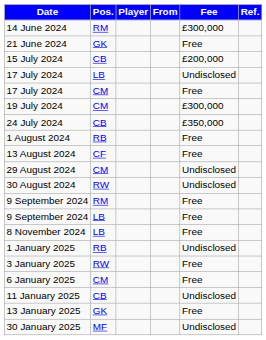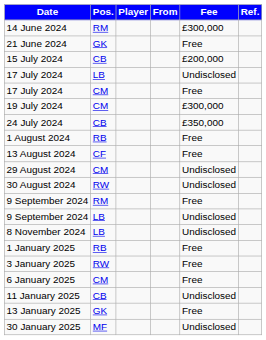 <table class="wikitable plainrowheaders sortable">
 <tr>
 <th style="background:#0000FF; color:#FFFFFF; ">Date</th>
 <th style="background:#0000FF; color:#FFFFFF; ">Pos.</th>
 <th style="background:#0000FF; color:#FFFFFF; ">Player</th>
 <th style="background:#0000FF; color:#FFFFFF; ">From</th>
 <th style="background:#0000FF; color:#FFFFFF; ">Fee</th>
 <th style="background:#0000FF; color:#FFFFFF; ">Ref.</th>
 </tr>
 <tr>
 <td>14 June 2024</td>
 <td><a href='#'>RM</a></td>
 <td></td>
 <td></td>
 <td>£300,000</td>
 <td></td>
 </tr>
 <tr>
 <td>21 June 2024</td>
 <td><a href='#'>GK</a></td>
 <td></td>
 <td></td>
 <td>Free</td>
 <td></td>
 </tr>
 <tr>
 <td>15 July 2024</td>
 <td><a href='#'>CB</a></td>
 <td></td>
 <td></td>
 <td>£200,000</td>
 <td></td>
 </tr>
 <tr>
 <td>17 July 2024</td>
 <td><a href='#'>LB</a></td>
 <td></td>
 <td></td>
 <td>Undisclosed</td>
 <td></td>
 </tr>
 <tr>
 <td>17 July 2024</td>
 <td><a href='#'>CM</a></td>
 <td></td>
 <td></td>
 <td>Free</td>
 <td></td>
 </tr>
 <tr>
 <td>19 July 2024</td>
 <td><a href='#'>CM</a></td>
 <td></td>
 <td></td>
 <td>£300,000</td>
 <td></td>
 </tr>
 <tr>
 <td>24 July 2024</td>
 <td><a href='#'>CB</a></td>
 <td></td>
 <td></td>
 <td>£350,000</td>
 <td></td>
 </tr>
 <tr>
 <td>1 August 2024</td>
 <td><a href='#'>RB</a></td>
 <td></td>
 <td></td>
 <td>Free</td>
 <td></td>
 </tr>
 <tr>
 <td>13 August 2024</td>
 <td><a href='#'>CF</a></td>
 <td></td>
 <td></td>
 <td>Free</td>
 <td></td>
 </tr>
 <tr>
 <td>29 August 2024</td>
 <td><a href='#'>CM</a></td>
 <td></td>
 <td></td>
 <td>Undisclosed</td>
 <td></td>
 </tr>
 <tr>
 <td>30 August 2024</td>
 <td><a href='#'>RW</a></td>
 <td></td>
 <td></td>
 <td>Undisclosed</td>
 <td></td>
 </tr>
 <tr>
 <td>9 September 2024</td>
 <td><a href='#'>RM</a></td>
 <td></td>
 <td></td>
 <td>Free</td>
 <td></td>
 </tr>
 <tr>
 <td>9 September 2024</td>
 <td><a href='#'>LB</a></td>
 <td></td>
 <td></td>
-<td>Free</td>
+<td>Undisclosed</td>
 <td></td>
 </tr>
 <tr>
 <td>8 November 2024</td>
 <td><a href='#'>LB</a></td>
 <td></td>
 <td></td>
-<td>Free</td>
+<td>Undisclosed</td>
 <td></td>
 </tr>
 <tr>
 <td>1 January 2025</td>
 <td><a href='#'>RB</a></td>
 <td></td>
 <td></td>
-<td>Undisclosed</td>
+<td>Free</td>
 <td></td>
 </tr>
 <tr>
 <td>3 January 2025</td>
 <td><a href='#'>RW</a></td>
 <td></td>
 <td></td>
 <td>Free</td>
 <td></td>
 </tr>
 <tr>
 <td>6 January 2025</td>
 <td><a href='#'>CM</a></td>
 <td></td>
 <td></td>
 <td>Free</td>
 <td></td>
 </tr>
 <tr>
 <td>11 January 2025</td>
 <td><a href='#'>CB</a></td>
 <td></td>
 <td></td>
 <td>Undisclosed</td>
 <td></td>
 </tr>
 <tr>
 <td>13 January 2025</td>
 <td><a href='#'>GK</a></td>
 <td></td>
 <td></td>
 <td>Free</td>
 <td></td>
 </tr>
 <tr>
 <td>30 January 2025</td>
 <td><a href='#'>MF</a></td>
 <td></td>
 <td></td>
 <td>Undisclosed</td>
 <td></td>
 </tr>
 </table>
